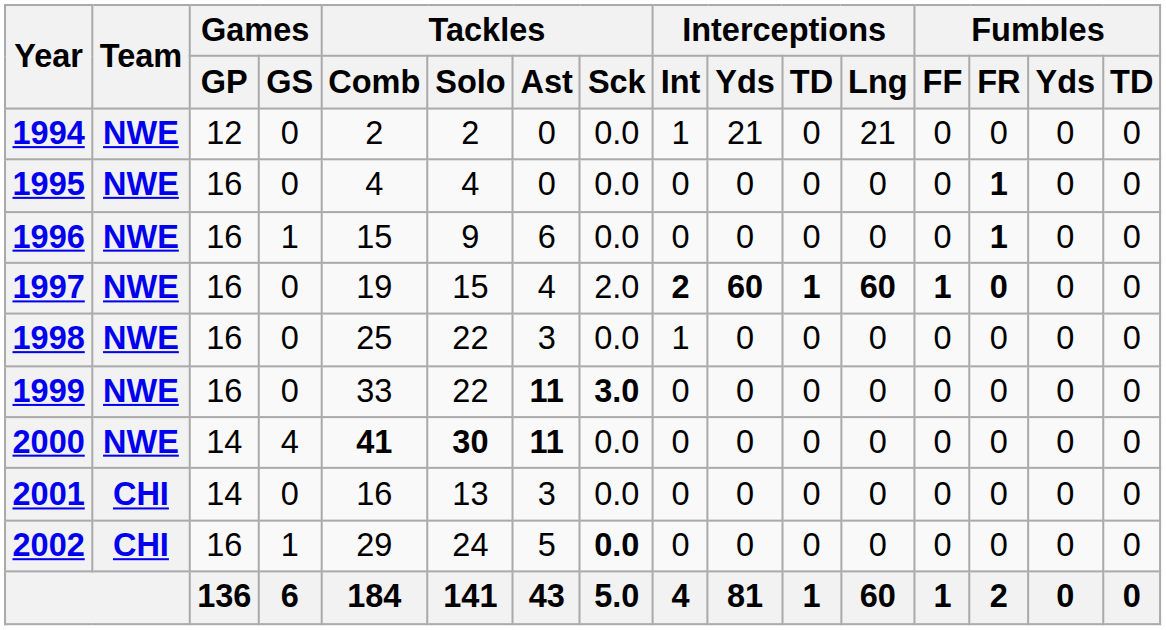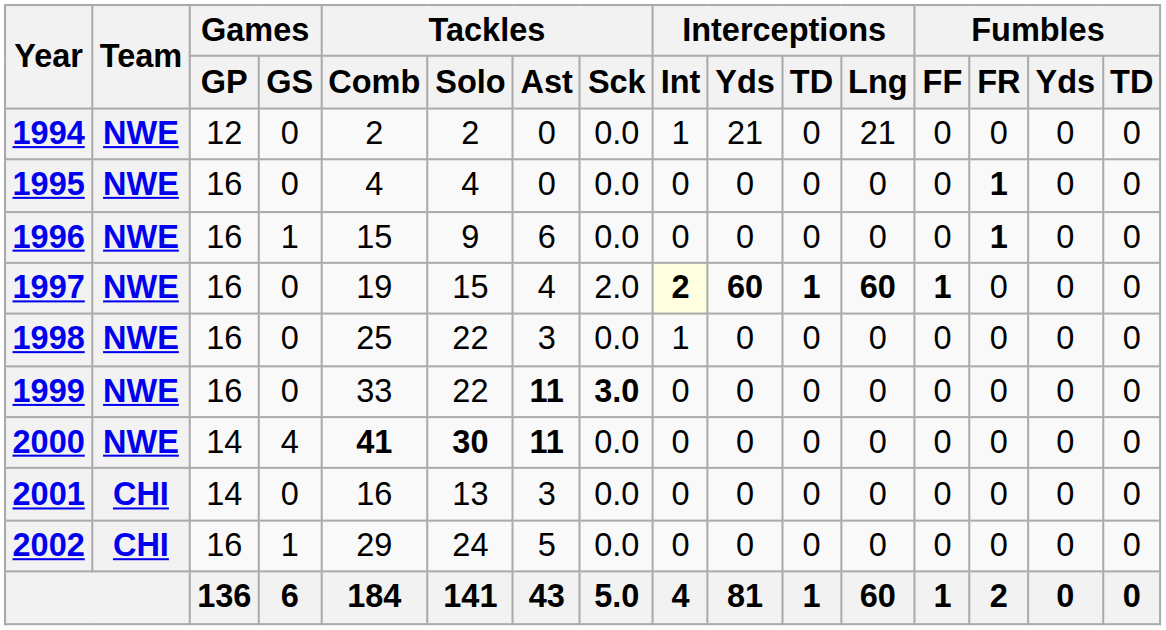 <table class="wikitable" style="text-align:center">
 <tr>
 <th rowspan="2">Year</th>
 <th rowspan="2">Team</th>
 <th colspan="2">Games</th>
 <th colspan="4">Tackles</th>
 <th colspan="4">Interceptions</th>
 <th colspan="4">Fumbles</th>
 </tr>
 <tr>
 <th>GP</th>
 <th>GS</th>
 <th>Comb</th>
 <th>Solo</th>
 <th>Ast</th>
 <th>Sck</th>
 <th>Int</th>
 <th>Yds</th>
 <th>TD</th>
 <th>Lng</th>
 <th>FF</th>
 <th>FR</th>
 <th>Yds</th>
 <th>TD</th>
 </tr>
 <tr>
 <th><a href='#'>1994</a></th>
 <th><a href='#'>NWE</a></th>
 <td>12</td>
 <td>0</td>
 <td>2</td>
 <td>2</td>
 <td>0</td>
 <td>0.0</td>
 <td>1</td>
 <td>21</td>
 <td>0</td>
 <td>21</td>
 <td>0</td>
 <td>0</td>
 <td>0</td>
 <td>0</td>
 </tr>
 <tr>
 <th><a href='#'>1995</a></th>
 <th><a href='#'>NWE</a></th>
 <td>16</td>
 <td>0</td>
 <td>4</td>
 <td>4</td>
 <td>0</td>
 <td>0.0</td>
 <td>0</td>
 <td>0</td>
 <td>0</td>
 <td>0</td>
 <td>0</td>
 <td><strong>1</strong></td>
 <td>0</td>
 <td>0</td>
 </tr>
 <tr>
 <th><a href='#'>1996</a></th>
 <th><a href='#'>NWE</a></th>
 <td>16</td>
 <td>1</td>
 <td>15</td>
 <td>9</td>
 <td>6</td>
 <td>0.0</td>
 <td>0</td>
 <td>0</td>
 <td>0</td>
 <td>0</td>
 <td>0</td>
 <td><strong>1</strong></td>
 <td>0</td>
 <td>0</td>
 </tr>
 <tr>
 <th><a href='#'>1997</a></th>
 <th><a href='#'>NWE</a></th>
 <td>16</td>
 <td>0</td>
 <td>19</td>
 <td>15</td>
 <td>4</td>
 <td>2.0</td>
-<td><strong>2</strong></td>
+<td style="background: lightyellow;"><strong>2</strong></td>
 <td><strong>60</strong></td>
 <td><strong>1</strong></td>
 <td><strong>60</strong></td>
 <td><strong>1</strong></td>
-<td><strong>0</strong></td>
+<td>0</td>
 <td>0</td>
 <td>0</td>
 </tr>
 <tr>
 <th><a href='#'>1998</a></th>
 <th><a href='#'>NWE</a></th>
 <td>16</td>
 <td>0</td>
 <td>25</td>
 <td>22</td>
 <td>3</td>
 <td>0.0</td>
 <td>1</td>
 <td>0</td>
 <td>0</td>
 <td>0</td>
 <td>0</td>
 <td>0</td>
 <td>0</td>
 <td>0</td>
 </tr>
 <tr>
 <th><a href='#'>1999</a></th>
 <th><a href='#'>NWE</a></th>
 <td>16</td>
 <td>0</td>
 <td>33</td>
 <td>22</td>
 <td><strong>11</strong></td>
 <td><strong>3.0</strong></td>
 <td>0</td>
 <td>0</td>
 <td>0</td>
 <td>0</td>
 <td>0</td>
 <td>0</td>
 <td>0</td>
 <td>0</td>
 </tr>
 <tr>
 <th><a href='#'>2000</a></th>
 <th><a href='#'>NWE</a></th>
 <td>14</td>
 <td>4</td>
 <td><strong>41</strong></td>
 <td><strong>30</strong></td>
 <td><strong>11</strong></td>
 <td>0.0</td>
 <td>0</td>
 <td>0</td>
 <td>0</td>
 <td>0</td>
 <td>0</td>
 <td>0</td>
 <td>0</td>
 <td>0</td>
 </tr>
 <tr>
 <th><a href='#'>2001</a></th>
 <th><a href='#'>CHI</a></th>
 <td>14</td>
 <td>0</td>
 <td>16</td>
 <td>13</td>
 <td>3</td>
 <td>0.0</td>
 <td>0</td>
 <td>0</td>
 <td>0</td>
 <td>0</td>
 <td>0</td>
 <td>0</td>
 <td>0</td>
 <td>0</td>
 </tr>
 <tr>
 <th><a href='#'>2002</a></th>
 <th><a href='#'>CHI</a></th>
 <td>16</td>
 <td>1</td>
 <td>29</td>
 <td>24</td>
 <td>5</td>
-<td><strong>0.0</strong></td>
+<td>0.0</td>
 <td>0</td>
 <td>0</td>
 <td>0</td>
 <td>0</td>
 <td>0</td>
 <td>0</td>
 <td>0</td>
 <td>0</td>
 </tr>
 <tr>
 <th colspan="2"></th>
 <th>136</th>
 <th>6</th>
 <th>184</th>
 <th>141</th>
 <th>43</th>
 <th>5.0</th>
 <th>4</th>
 <th>81</th>
 <th>1</th>
 <th>60</th>
 <th>1</th>
 <th>2</th>
 <th>0</th>
 <th>0</th>
 </tr>
 </table>
